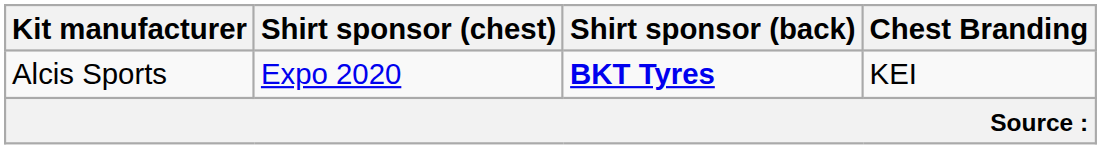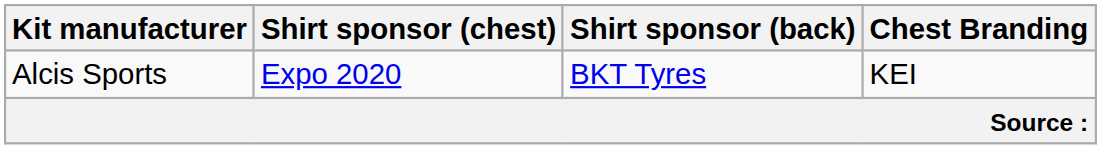 <table class="wikitable"  style="font-size:85%;">
 <tr>
 <th>Kit manufacturer</th>
 <th>Shirt sponsor (chest)</th>
 <th>Shirt sponsor (back)</th>
 <th>Chest Branding</th>
 </tr>
 <tr>
 <td>Alcis Sports</td>
 <td><a href='#'>Expo 2020</a></td>
-<td><strong><a href='#'>BKT Tyres</a></strong></td>
+<td><a href='#'>BKT Tyres</a></td>
 <td>KEI</td>
 </tr>
 <tr>
 <th colspan="4" style="text-align:right;"><small> Source : </small></th>
 </tr>
 </table>
